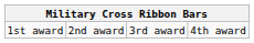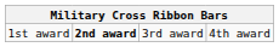 <table class=wikitable>
 <tr>
 <th colspan=4>Military Cross Ribbon Bars</th>
 </tr>
 <tr>
 <td width=25% valign=top align=center> 1st award</td>
-<td width=25% valign=top align=center> 2nd award</td>
+<td width=25% valign=top align=center><strong> 2nd award</strong></td>
 <td width=25% valign=top align=center> 3rd award</td>
 <td width=25% valign=top align=center> 4th award</td>
 </tr>
 </table>
